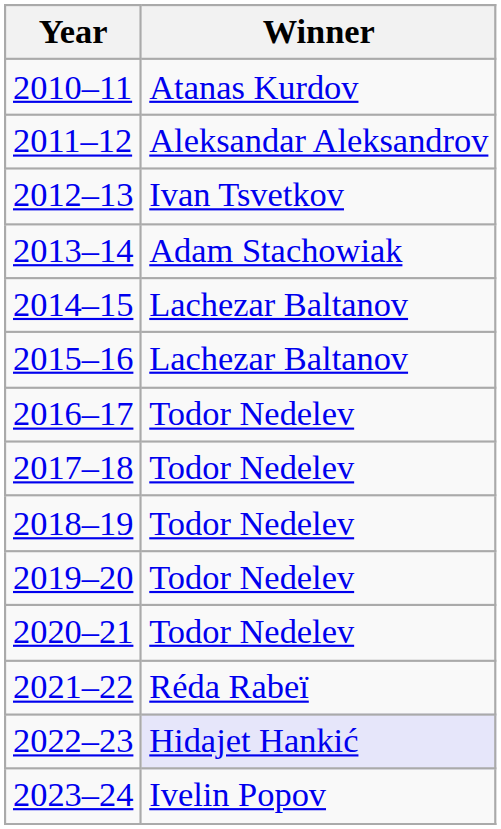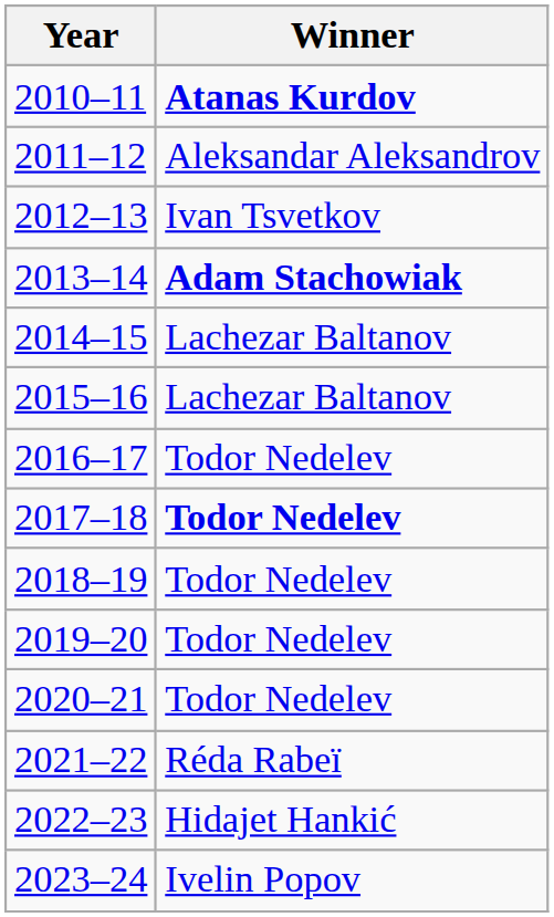 <table class="wikitable sortable">
 <tr>
 <th>Year</th>
 <th>Winner</th>
 </tr>
 <tr>
 <td><a href='#'>2010–11</a></td>
-<td> <a href='#'>Atanas Kurdov</a></td>
+<td><strong> <a href='#'>Atanas Kurdov</a></strong></td>
 </tr>
 <tr>
 <td><a href='#'>2011–12</a></td>
 <td> <a href='#'>Aleksandar Aleksandrov</a></td>
 </tr>
 <tr>
 <td><a href='#'>2012–13</a></td>
 <td> <a href='#'>Ivan Tsvetkov</a></td>
 </tr>
 <tr>
 <td><a href='#'>2013–14</a></td>
-<td> <a href='#'>Adam Stachowiak</a></td>
+<td><strong> <a href='#'>Adam Stachowiak</a></strong></td>
 </tr>
 <tr>
 <td><a href='#'>2014–15</a></td>
 <td> <a href='#'>Lachezar Baltanov</a></td>
 </tr>
 <tr>
 <td><a href='#'>2015–16</a></td>
 <td> <a href='#'>Lachezar Baltanov</a></td>
 </tr>
 <tr>
 <td><a href='#'>2016–17</a></td>
 <td> <a href='#'>Todor Nedelev</a></td>
 </tr>
 <tr>
 <td><a href='#'>2017–18</a></td>
-<td> <a href='#'>Todor Nedelev</a></td>
+<td><strong> <a href='#'>Todor Nedelev</a></strong></td>
 </tr>
 <tr>
 <td><a href='#'>2018–19</a></td>
 <td> <a href='#'>Todor Nedelev</a></td>
 </tr>
 <tr>
 <td><a href='#'>2019–20</a></td>
 <td> <a href='#'>Todor Nedelev</a></td>
 </tr>
 <tr>
 <td><a href='#'>2020–21</a></td>
 <td> <a href='#'>Todor Nedelev</a></td>
 </tr>
 <tr>
 <td><a href='#'>2021–22</a></td>
 <td> <a href='#'>Réda Rabeï</a></td>
 </tr>
 <tr>
 <td><a href='#'>2022–23</a></td>
-<td style="background: lavender;"> <a href='#'>Hidajet Hankić</a></td>
+<td> <a href='#'>Hidajet Hankić</a></td>
 </tr>
 <tr>
 <td><a href='#'>2023–24</a></td>
 <td> <a href='#'>Ivelin Popov</a></td>
 </tr>
 <tr>
 </tr>
 </table>
